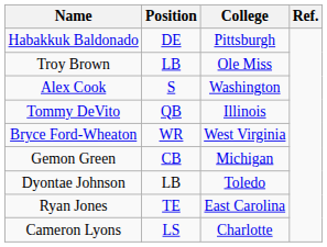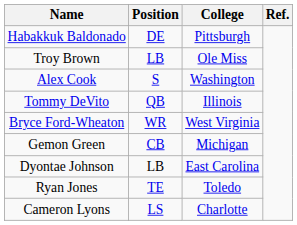 <table class="wikitable" style="text-align:center">
 <tr>
 <th>Name</th>
 <th>Position</th>
 <th>College</th>
 <th>Ref.</th>
 </tr>
 <tr>
 <td><a href='#'>Habakkuk Baldonado</a></td>
 <td><a href='#'>DE</a></td>
 <td><a href='#'>Pittsburgh</a></td>
 <td rowspan="9"></td>
 </tr>
 <tr>
 <td>Troy Brown</td>
 <td><a href='#'>LB</a></td>
 <td><a href='#'>Ole Miss</a></td>
 </tr>
 <tr>
 <td><a href='#'>Alex Cook</a></td>
 <td><a href='#'>S</a></td>
 <td><a href='#'>Washington</a></td>
 </tr>
 <tr>
 <td><a href='#'>Tommy DeVito</a></td>
 <td><a href='#'>QB</a></td>
 <td><a href='#'>Illinois</a></td>
 </tr>
 <tr>
 <td><a href='#'>Bryce Ford-Wheaton</a></td>
 <td><a href='#'>WR</a></td>
 <td><a href='#'>West Virginia</a></td>
 </tr>
 <tr>
 <td>Gemon Green</td>
 <td><a href='#'>CB</a></td>
 <td><a href='#'>Michigan</a></td>
 </tr>
 <tr>
 <td>Dyontae Johnson</td>
 <td>LB</td>
-<td><a href='#'>Toledo</a></td>
+<td><a href='#'>East Carolina</a></td>
 </tr>
 <tr>
 <td>Ryan Jones</td>
 <td><a href='#'>TE</a></td>
-<td><a href='#'>East Carolina</a></td>
+<td><a href='#'>Toledo</a></td>
 </tr>
 <tr>
 <td>Cameron Lyons</td>
 <td><a href='#'>LS</a></td>
 <td><a href='#'>Charlotte</a></td>
 </tr>
 </table>
